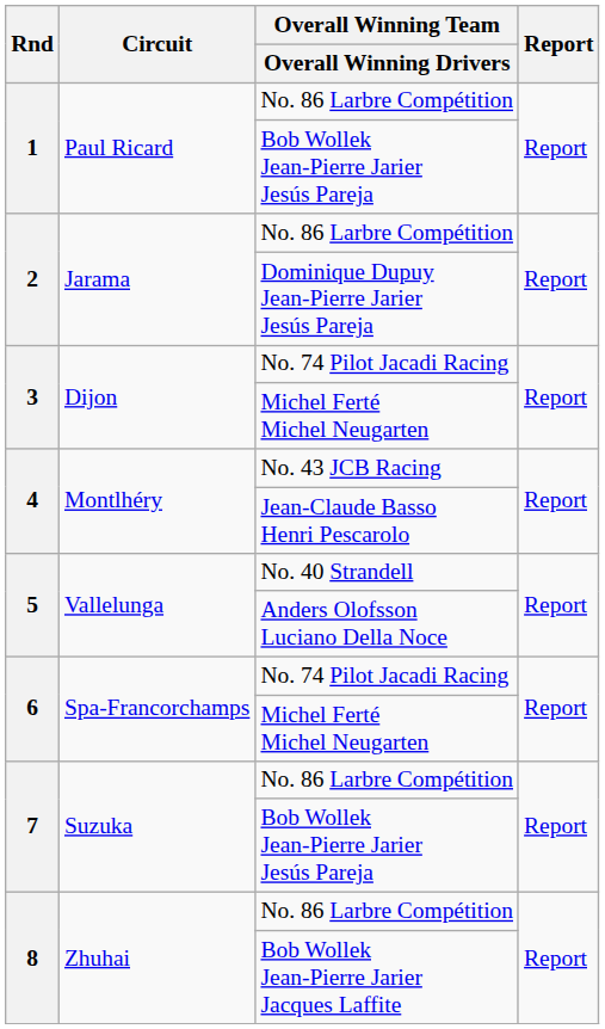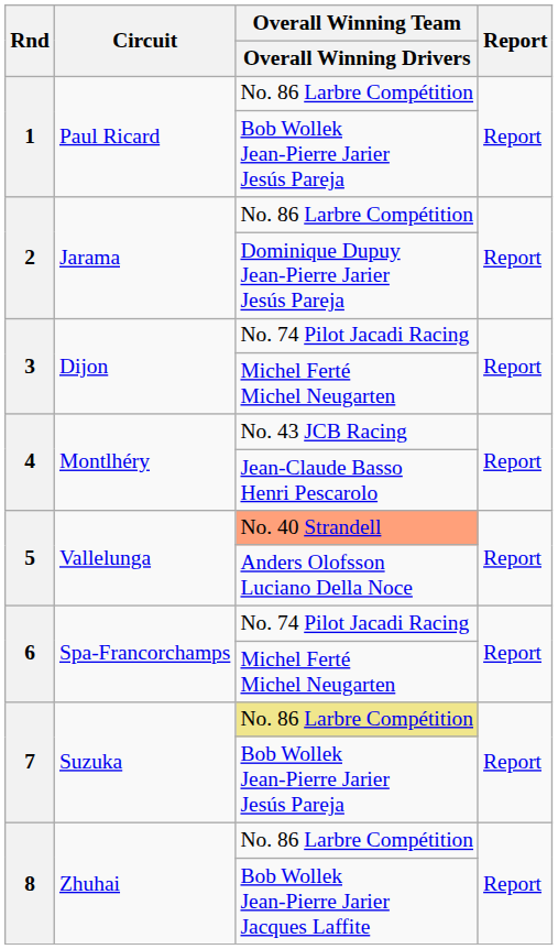 <table class="wikitable" style="font-size: 90%;">
 <tr>
 <th rowspan=2>Rnd</th>
 <th rowspan=2>Circuit</th>
 <th>Overall Winning Team</th>
 <th rowspan=2>Report</th>
 </tr>
 <tr>
 <th>Overall Winning Drivers</th>
 </tr>
 <tr>
 <th rowspan=2>1</th>
 <td rowspan=2><a href='#'>Paul Ricard</a></td>
 <td> No. 86 <a href='#'>Larbre Compétition</a></td>
 <td rowspan=2><a href='#'>Report</a></td>
 </tr>
 <tr>
 <td> <a href='#'>Bob Wollek</a><br> <a href='#'>Jean-Pierre Jarier</a><br> <a href='#'>Jesús Pareja</a></td>
 </tr>
 <tr>
 <th rowspan=2>2</th>
 <td rowspan=2><a href='#'>Jarama</a></td>
 <td> No. 86 <a href='#'>Larbre Compétition</a></td>
 <td rowspan=2><a href='#'>Report</a></td>
 </tr>
 <tr>
 <td> <a href='#'>Dominique Dupuy</a><br> <a href='#'>Jean-Pierre Jarier</a><br> <a href='#'>Jesús Pareja</a></td>
 </tr>
 <tr>
 <th rowspan=2>3</th>
 <td rowspan=2><a href='#'>Dijon</a></td>
 <td> No. 74 <a href='#'>Pilot Jacadi Racing</a></td>
 <td rowspan=2><a href='#'>Report</a></td>
 </tr>
 <tr>
 <td> <a href='#'>Michel Ferté</a><br> <a href='#'>Michel Neugarten</a></td>
 </tr>
 <tr>
 <th rowspan=2>4</th>
 <td rowspan=2><a href='#'>Montlhéry</a></td>
 <td> No. 43 <a href='#'>JCB Racing</a></td>
 <td rowspan=2><a href='#'>Report</a></td>
 </tr>
 <tr>
 <td> <a href='#'>Jean-Claude Basso</a><br> <a href='#'>Henri Pescarolo</a></td>
 </tr>
 <tr>
 <th rowspan=2>5</th>
 <td rowspan=2><a href='#'>Vallelunga</a></td>
-<td> No. 40 <a href='#'>Strandell</a></td>
+<td style="background: lightsalmon;"> No. 40 <a href='#'>Strandell</a></td>
 <td rowspan=2><a href='#'>Report</a></td>
 </tr>
 <tr>
 <td> <a href='#'>Anders Olofsson</a><br> <a href='#'>Luciano Della Noce</a></td>
 </tr>
 <tr>
 <th rowspan=2>6</th>
 <td rowspan=2><a href='#'>Spa-Francorchamps</a></td>
 <td> No. 74 <a href='#'>Pilot Jacadi Racing</a></td>
 <td rowspan=2><a href='#'>Report</a></td>
 </tr>
 <tr>
 <td> <a href='#'>Michel Ferté</a><br> <a href='#'>Michel Neugarten</a></td>
 </tr>
 <tr>
 <th rowspan=2>7</th>
 <td rowspan=2><a href='#'>Suzuka</a></td>
-<td> No. 86 <a href='#'>Larbre Compétition</a></td>
+<td style="background: khaki;"> No. 86 <a href='#'>Larbre Compétition</a></td>
 <td rowspan=2><a href='#'>Report</a></td>
 </tr>
 <tr>
 <td> <a href='#'>Bob Wollek</a><br> <a href='#'>Jean-Pierre Jarier</a><br> <a href='#'>Jesús Pareja</a></td>
 </tr>
 <tr>
 <th rowspan=2>8</th>
 <td rowspan=2><a href='#'>Zhuhai</a></td>
 <td> No. 86 <a href='#'>Larbre Compétition</a></td>
 <td rowspan=2><a href='#'>Report</a></td>
 </tr>
 <tr>
 <td> <a href='#'>Bob Wollek</a><br> <a href='#'>Jean-Pierre Jarier</a><br> <a href='#'>Jacques Laffite</a></td>
 </tr>
 <tr>
 </tr>
 </table>
